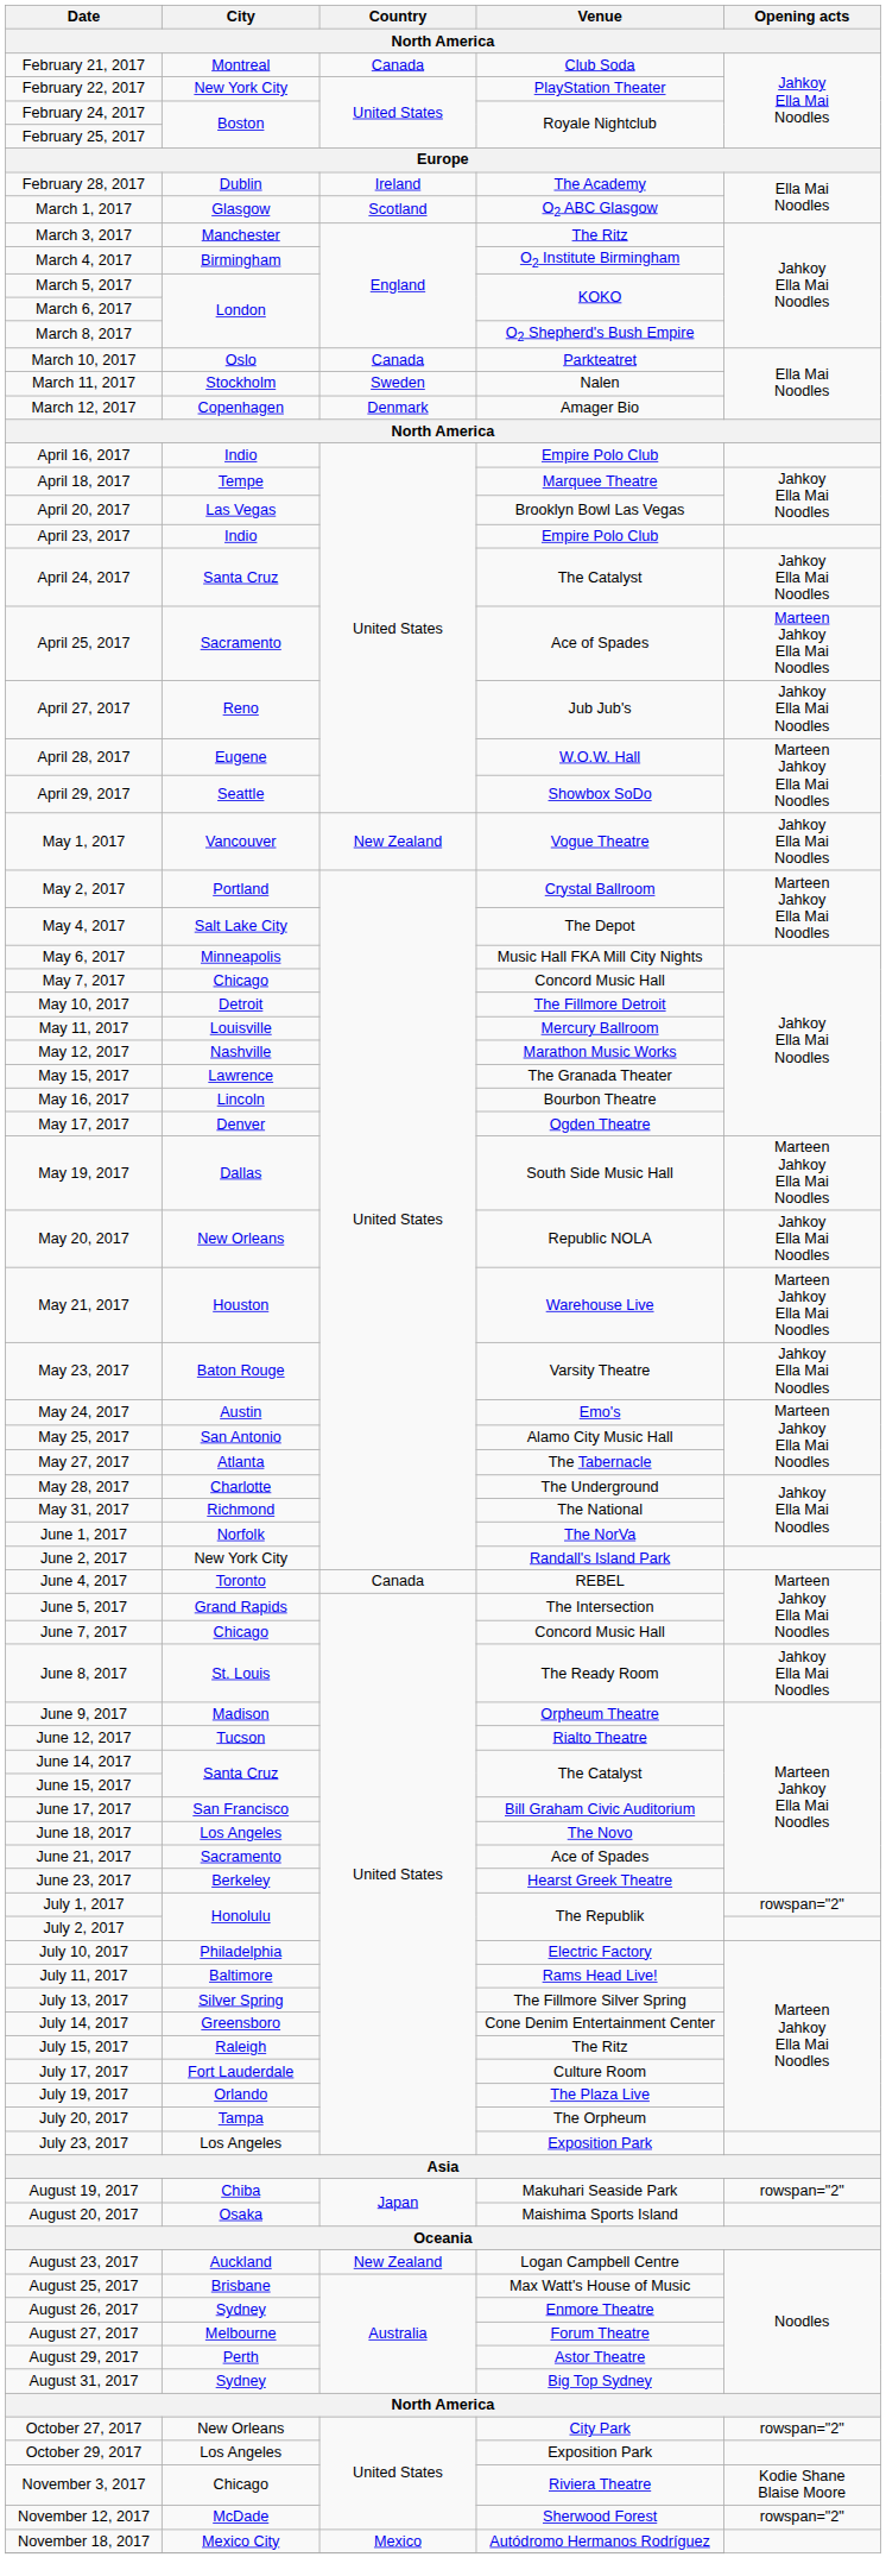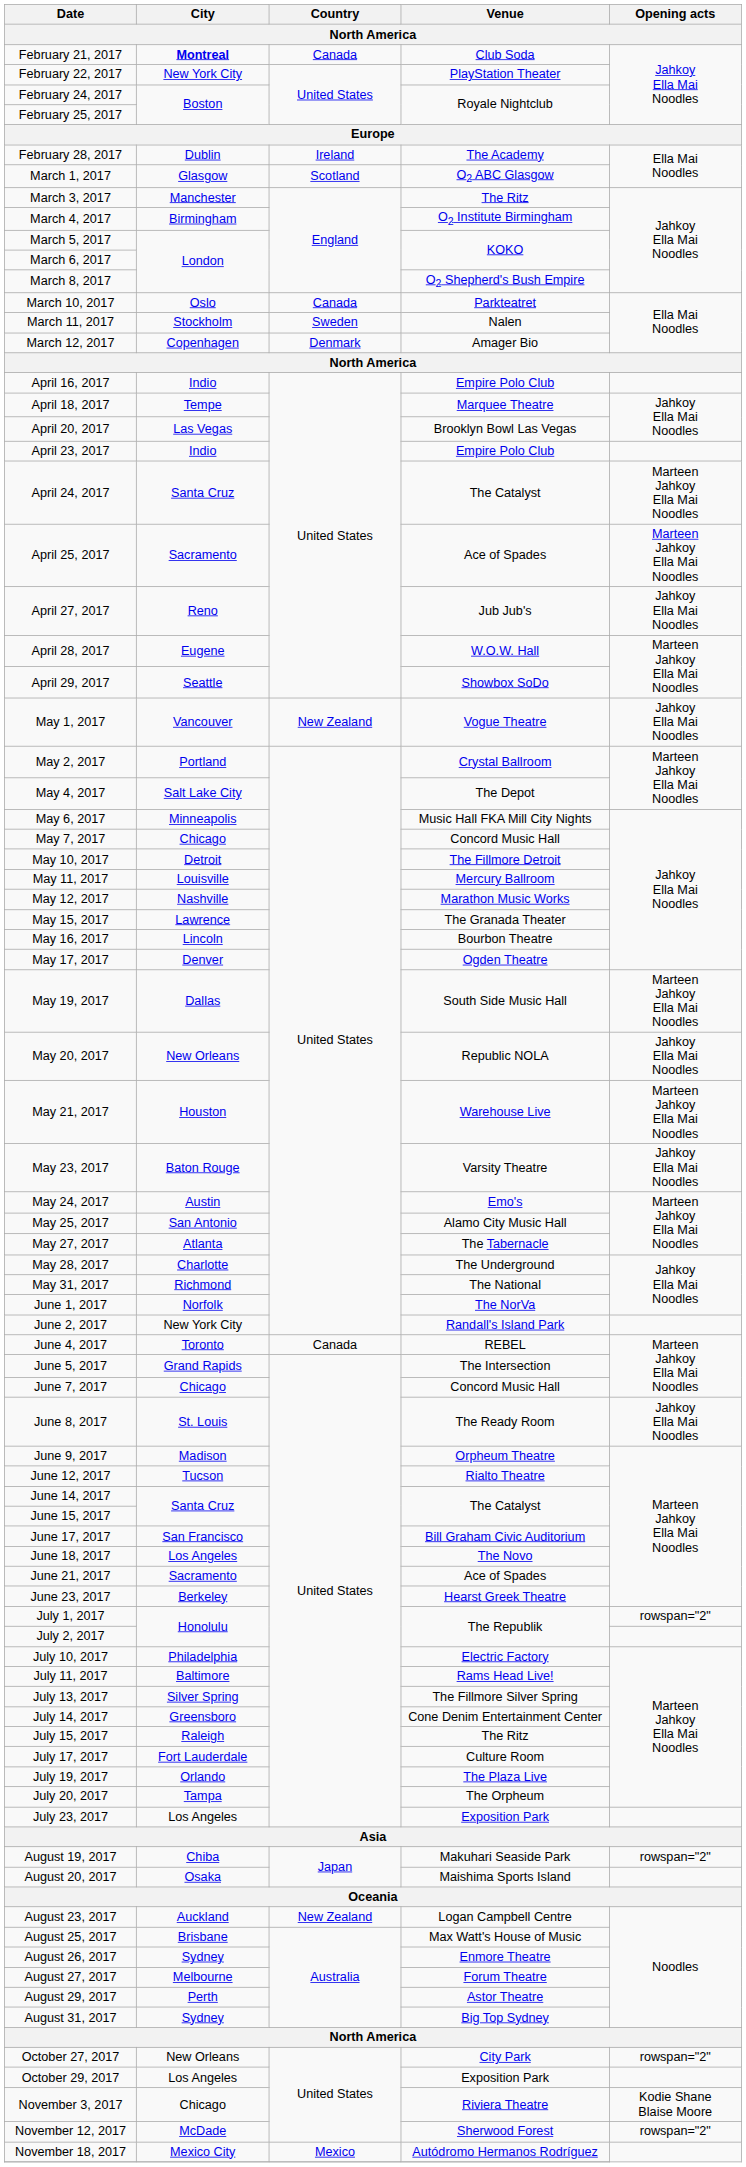 <table class="wikitable wplainrowheaders" style="text-align:center;">
 <tr>
 <th scope="col" style="width:10em;">Date</th>
 <th scope="col" style="width:10em;">City</th>
 <th scope="col" style="width:10em;">Country</th>
 <th scope="col" style="width:16em;">Venue</th>
 <th scope="col" style="width:10em;">Opening acts</th>
 </tr>
 <tr>
 <th colspan="5">North America</th>
 </tr>
 <tr>
 <td>February 21, 2017</td>
-<td><a href='#'>Montreal</a></td>
+<td><strong><a href='#'>Montreal</a></strong></td>
 <td><a href='#'>Canada</a></td>
 <td><a href='#'>Club Soda</a></td>
 <td rowspan="4"><a href='#'>Jahkoy</a><br><a href='#'>Ella Mai</a><br>Noodles</td>
 </tr>
 <tr>
 <td>February 22, 2017</td>
 <td><a href='#'>New York City</a></td>
 <td rowspan="3"><a href='#'>United States</a></td>
 <td><a href='#'>PlayStation Theater</a></td>
 </tr>
 <tr>
 <td>February 24, 2017</td>
 <td rowspan="2"><a href='#'>Boston</a></td>
 <td rowspan="2">Royale Nightclub</td>
 </tr>
 <tr>
 <td>February 25, 2017</td>
 </tr>
 <tr>
 <th colspan="5">Europe</th>
 </tr>
 <tr>
 <td>February 28, 2017</td>
 <td><a href='#'>Dublin</a></td>
 <td rowspan="1"><a href='#'>Ireland</a></td>
 <td><a href='#'>The Academy</a></td>
 <td rowspan="2">Ella Mai<br>Noodles</td>
 </tr>
 <tr>
 <td>March 1, 2017</td>
 <td><a href='#'>Glasgow</a></td>
 <td><a href='#'>Scotland</a></td>
 <td><a href='#'>O<sub>2</sub> ABC Glasgow</a></td>
 </tr>
 <tr>
 <td>March 3, 2017</td>
 <td><a href='#'>Manchester</a></td>
 <td rowspan="5"><a href='#'>England</a></td>
 <td><a href='#'>The Ritz</a></td>
 <td rowspan="5">Jahkoy<br>Ella Mai<br>Noodles</td>
 </tr>
 <tr>
 <td>March 4, 2017</td>
 <td><a href='#'>Birmingham</a></td>
 <td><a href='#'>O<sub>2</sub> Institute Birmingham</a></td>
 </tr>
 <tr>
 <td>March 5, 2017</td>
 <td rowspan="3"><a href='#'>London</a></td>
 <td rowspan="2"><a href='#'>KOKO</a></td>
 </tr>
 <tr>
 <td>March 6, 2017</td>
 </tr>
 <tr>
 <td>March 8, 2017</td>
 <td><a href='#'>O<sub>2</sub> Shepherd's Bush Empire</a></td>
 </tr>
 <tr>
 <td>March 10, 2017</td>
 <td><a href='#'>Oslo</a></td>
 <td><a href='#'>Canada</a></td>
 <td><a href='#'>Parkteatret</a></td>
 <td rowspan="3">Ella Mai<br>Noodles</td>
 </tr>
 <tr>
 <td>March 11, 2017</td>
 <td><a href='#'>Stockholm</a></td>
 <td><a href='#'>Sweden</a></td>
 <td>Nalen</td>
 </tr>
 <tr>
 <td>March 12, 2017</td>
 <td><a href='#'>Copenhagen</a></td>
 <td><a href='#'>Denmark</a></td>
 <td>Amager Bio</td>
 </tr>
 <tr>
 <th colspan="5">North America</th>
 </tr>
 <tr>
 <td>April 16, 2017</td>
 <td><a href='#'>Indio</a></td>
 <td rowspan="9">United States</td>
 <td><a href='#'>Empire Polo Club</a></td>
 <td></td>
 </tr>
 <tr>
 <td>April 18, 2017</td>
 <td><a href='#'>Tempe</a></td>
 <td><a href='#'>Marquee Theatre</a></td>
 <td rowspan="2">Jahkoy<br>Ella Mai<br>Noodles</td>
 </tr>
 <tr>
 <td>April 20, 2017</td>
 <td><a href='#'>Las Vegas</a></td>
 <td>Brooklyn Bowl Las Vegas</td>
 </tr>
 <tr>
 <td>April 23, 2017</td>
 <td><a href='#'>Indio</a></td>
 <td><a href='#'>Empire Polo Club</a></td>
 <td></td>
 </tr>
 <tr>
 <td>April 24, 2017</td>
 <td><a href='#'>Santa Cruz</a></td>
 <td>The Catalyst</td>
-<td>Jahkoy<br>Ella Mai<br>Noodles</td>
+<td>Marteen<br>Jahkoy<br>Ella Mai<br>Noodles</td>
 </tr>
 <tr>
 <td>April 25, 2017</td>
 <td><a href='#'>Sacramento</a></td>
 <td>Ace of Spades</td>
 <td><a href='#'>Marteen</a><br>Jahkoy<br>Ella Mai<br>Noodles</td>
 </tr>
 <tr>
 <td>April 27, 2017</td>
 <td><a href='#'>Reno</a></td>
 <td>Jub Jub's</td>
 <td>Jahkoy<br>Ella Mai<br>Noodles</td>
 </tr>
 <tr>
 <td>April 28, 2017</td>
 <td><a href='#'>Eugene</a></td>
 <td><a href='#'>W.O.W. Hall</a></td>
 <td rowspan="2">Marteen<br>Jahkoy<br>Ella Mai<br>Noodles</td>
 </tr>
 <tr>
 <td>April 29, 2017</td>
 <td><a href='#'>Seattle</a></td>
 <td><a href='#'>Showbox SoDo</a></td>
 </tr>
 <tr>
 <td>May 1, 2017</td>
 <td><a href='#'>Vancouver</a></td>
 <td><a href='#'>New Zealand</a></td>
 <td><a href='#'>Vogue Theatre</a></td>
 <td>Jahkoy<br>Ella Mai<br>Noodles</td>
 </tr>
 <tr>
 <td>May 2, 2017</td>
 <td><a href='#'>Portland</a></td>
 <td rowspan="21">United States</td>
 <td><a href='#'>Crystal Ballroom</a></td>
 <td rowspan="2">Marteen<br>Jahkoy<br>Ella Mai<br>Noodles</td>
 </tr>
 <tr>
 <td>May 4, 2017</td>
 <td><a href='#'>Salt Lake City</a></td>
 <td>The Depot</td>
 </tr>
 <tr>
 <td>May 6, 2017</td>
 <td><a href='#'>Minneapolis</a></td>
 <td>Music Hall FKA Mill City Nights</td>
 <td rowspan="8">Jahkoy<br>Ella Mai<br>Noodles</td>
 </tr>
 <tr>
 <td>May 7, 2017</td>
 <td><a href='#'>Chicago</a></td>
 <td>Concord Music Hall</td>
 </tr>
 <tr>
 <td>May 10, 2017</td>
 <td><a href='#'>Detroit</a></td>
 <td><a href='#'>The Fillmore Detroit</a></td>
 </tr>
 <tr>
 <td>May 11, 2017</td>
 <td><a href='#'>Louisville</a></td>
 <td><a href='#'>Mercury Ballroom</a></td>
 </tr>
 <tr>
 <td>May 12, 2017</td>
 <td><a href='#'>Nashville</a></td>
 <td><a href='#'>Marathon Music Works</a></td>
 </tr>
 <tr>
 <td>May 15, 2017</td>
 <td><a href='#'>Lawrence</a></td>
 <td>The Granada Theater</td>
 </tr>
 <tr>
 <td>May 16, 2017</td>
 <td><a href='#'>Lincoln</a></td>
 <td>Bourbon Theatre</td>
 </tr>
 <tr>
 <td>May 17, 2017</td>
 <td><a href='#'>Denver</a></td>
 <td><a href='#'>Ogden Theatre</a></td>
 </tr>
 <tr>
 <td>May 19, 2017</td>
 <td><a href='#'>Dallas</a></td>
 <td>South Side Music Hall</td>
 <td>Marteen<br>Jahkoy<br>Ella Mai<br>Noodles</td>
 </tr>
 <tr>
 <td>May 20, 2017</td>
 <td><a href='#'>New Orleans</a></td>
 <td>Republic NOLA</td>
 <td>Jahkoy<br>Ella Mai<br>Noodles</td>
 </tr>
 <tr>
 <td>May 21, 2017</td>
 <td><a href='#'>Houston</a></td>
 <td><a href='#'>Warehouse Live</a></td>
 <td>Marteen<br>Jahkoy<br>Ella Mai<br>Noodles</td>
 </tr>
 <tr>
 <td>May 23, 2017</td>
 <td><a href='#'>Baton Rouge</a></td>
 <td>Varsity Theatre</td>
 <td>Jahkoy<br>Ella Mai<br>Noodles</td>
 </tr>
 <tr>
 <td>May 24, 2017</td>
 <td><a href='#'>Austin</a></td>
 <td><a href='#'>Emo's</a></td>
 <td rowspan="3">Marteen<br>Jahkoy<br>Ella Mai<br>Noodles</td>
 </tr>
 <tr>
 <td>May 25, 2017</td>
 <td><a href='#'>San Antonio</a></td>
 <td>Alamo City Music Hall</td>
 </tr>
 <tr>
 <td>May 27, 2017</td>
 <td><a href='#'>Atlanta</a></td>
 <td>The <a href='#'>Tabernacle</a></td>
 </tr>
 <tr>
 <td>May 28, 2017</td>
 <td><a href='#'>Charlotte</a></td>
 <td>The Underground</td>
 <td rowspan="3">Jahkoy<br>Ella Mai<br>Noodles</td>
 </tr>
 <tr>
 <td>May 31, 2017</td>
 <td><a href='#'>Richmond</a></td>
 <td>The National</td>
 </tr>
 <tr>
 <td>June 1, 2017</td>
 <td><a href='#'>Norfolk</a></td>
 <td><a href='#'>The NorVa</a></td>
 </tr>
 <tr>
 <td>June 2, 2017</td>
 <td>New York City</td>
 <td><a href='#'>Randall's Island Park</a></td>
 <td></td>
 </tr>
 <tr>
 <td>June 4, 2017</td>
 <td><a href='#'>Toronto</a></td>
 <td>Canada</td>
 <td>REBEL</td>
 <td rowspan="3">Marteen<br>Jahkoy<br>Ella Mai<br>Noodles</td>
 </tr>
 <tr>
 <td>June 5, 2017</td>
 <td><a href='#'>Grand Rapids</a></td>
 <td rowspan="22">United States</td>
 <td>The Intersection</td>
 </tr>
 <tr>
 <td>June 7, 2017</td>
 <td><a href='#'>Chicago</a></td>
 <td>Concord Music Hall</td>
 </tr>
 <tr>
 <td>June 8, 2017</td>
 <td><a href='#'>St. Louis</a></td>
 <td>The Ready Room</td>
 <td>Jahkoy<br>Ella Mai<br>Noodles</td>
 </tr>
 <tr>
 <td>June 9, 2017</td>
 <td><a href='#'>Madison</a></td>
 <td><a href='#'>Orpheum Theatre</a></td>
 <td rowspan="8">Marteen<br>Jahkoy<br>Ella Mai<br>Noodles</td>
 </tr>
 <tr>
 <td>June 12, 2017</td>
 <td><a href='#'>Tucson</a></td>
 <td><a href='#'>Rialto Theatre</a></td>
 </tr>
 <tr>
 <td>June 14, 2017</td>
 <td rowspan="2"><a href='#'>Santa Cruz</a></td>
 <td rowspan="2">The Catalyst</td>
 </tr>
 <tr>
 <td>June 15, 2017</td>
 </tr>
 <tr>
 <td>June 17, 2017</td>
 <td><a href='#'>San Francisco</a></td>
 <td><a href='#'>Bill Graham Civic Auditorium</a></td>
 </tr>
 <tr>
 <td>June 18, 2017</td>
 <td><a href='#'>Los Angeles</a></td>
 <td><a href='#'>The Novo</a></td>
 </tr>
 <tr>
 <td>June 21, 2017</td>
 <td><a href='#'>Sacramento</a></td>
 <td>Ace of Spades</td>
 </tr>
 <tr>
 <td>June 23, 2017</td>
 <td><a href='#'>Berkeley</a></td>
 <td><a href='#'>Hearst Greek Theatre</a></td>
 </tr>
 <tr>
 <td>July 1, 2017</td>
 <td rowspan="2"><a href='#'>Honolulu</a></td>
 <td rowspan="2">The Republik</td>
 <td>rowspan="2" </td>
 </tr>
 <tr>
 <td>July 2, 2017</td>
 </tr>
 <tr>
 <td>July 10, 2017</td>
 <td><a href='#'>Philadelphia</a></td>
 <td><a href='#'>Electric Factory</a></td>
 <td rowspan="8">Marteen<br>Jahkoy<br>Ella Mai<br>Noodles</td>
 </tr>
 <tr>
 <td>July 11, 2017</td>
 <td><a href='#'>Baltimore</a></td>
 <td><a href='#'>Rams Head Live!</a></td>
 </tr>
 <tr>
 <td>July 13, 2017</td>
 <td><a href='#'>Silver Spring</a></td>
 <td>The Fillmore Silver Spring</td>
 </tr>
 <tr>
 <td>July 14, 2017</td>
 <td><a href='#'>Greensboro</a></td>
 <td>Cone Denim Entertainment Center</td>
 </tr>
 <tr>
 <td>July 15, 2017</td>
 <td><a href='#'>Raleigh</a></td>
 <td>The Ritz</td>
 </tr>
 <tr>
 <td>July 17, 2017</td>
 <td><a href='#'>Fort Lauderdale</a></td>
 <td>Culture Room</td>
 </tr>
 <tr>
 <td>July 19, 2017</td>
 <td><a href='#'>Orlando</a></td>
 <td><a href='#'>The Plaza Live</a></td>
 </tr>
 <tr>
 <td>July 20, 2017</td>
 <td><a href='#'>Tampa</a></td>
 <td>The Orpheum</td>
 </tr>
 <tr>
 <td>July 23, 2017</td>
 <td>Los Angeles</td>
 <td><a href='#'>Exposition Park</a></td>
 <td></td>
 </tr>
 <tr>
 <th colspan="5">Asia</th>
 </tr>
 <tr>
 <td>August 19, 2017</td>
 <td><a href='#'>Chiba</a></td>
 <td rowspan="2"><a href='#'>Japan</a></td>
 <td>Makuhari Seaside Park</td>
 <td>rowspan="2" </td>
 </tr>
 <tr>
 <td>August 20, 2017</td>
 <td><a href='#'>Osaka</a></td>
 <td>Maishima Sports Island</td>
 </tr>
 <tr>
 <th colspan="5">Oceania</th>
 </tr>
 <tr>
 <td>August 23, 2017</td>
 <td><a href='#'>Auckland</a></td>
 <td><a href='#'>New Zealand</a></td>
 <td>Logan Campbell Centre</td>
 <td rowspan="6">Noodles</td>
 </tr>
 <tr>
 <td>August 25, 2017</td>
 <td><a href='#'>Brisbane</a></td>
 <td rowspan="5"><a href='#'>Australia</a></td>
 <td>Max Watt's House of Music</td>
 </tr>
 <tr>
 <td>August 26, 2017</td>
 <td><a href='#'>Sydney</a></td>
 <td><a href='#'>Enmore Theatre</a></td>
 </tr>
 <tr>
 <td>August 27, 2017</td>
 <td><a href='#'>Melbourne</a></td>
 <td><a href='#'>Forum Theatre</a></td>
 </tr>
 <tr>
 <td>August 29, 2017</td>
 <td><a href='#'>Perth</a></td>
 <td><a href='#'>Astor Theatre</a></td>
 </tr>
 <tr>
 <td>August 31, 2017</td>
 <td><a href='#'>Sydney</a></td>
 <td><a href='#'>Big Top Sydney</a></td>
 </tr>
 <tr>
 <th colspan="5">North America</th>
 </tr>
 <tr>
 <td>October 27, 2017</td>
 <td>New Orleans</td>
 <td rowspan="4">United States</td>
 <td><a href='#'>City Park</a></td>
 <td>rowspan="2" </td>
 </tr>
 <tr>
 <td>October 29, 2017</td>
 <td>Los Angeles</td>
 <td>Exposition Park</td>
 </tr>
 <tr>
 <td>November 3, 2017</td>
 <td>Chicago</td>
 <td><a href='#'>Riviera Theatre</a></td>
 <td>Kodie Shane<br>Blaise Moore</td>
 </tr>
 <tr>
 <td>November 12, 2017</td>
 <td><a href='#'>McDade</a></td>
 <td><a href='#'>Sherwood Forest</a></td>
 <td>rowspan="2" </td>
 </tr>
 <tr>
 <td>November 18, 2017</td>
 <td><a href='#'>Mexico City</a></td>
 <td><a href='#'>Mexico</a></td>
 <td><a href='#'>Autódromo Hermanos Rodríguez</a></td>
 </tr>
 <tr>
 </tr>
 </table>
